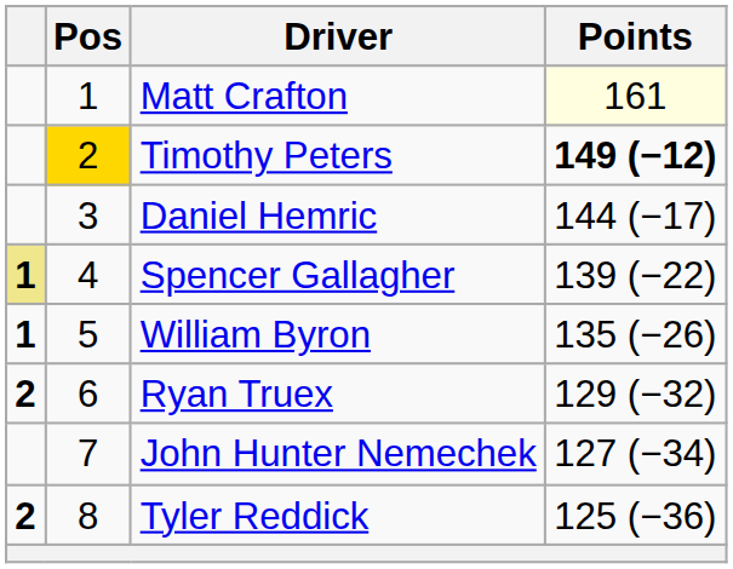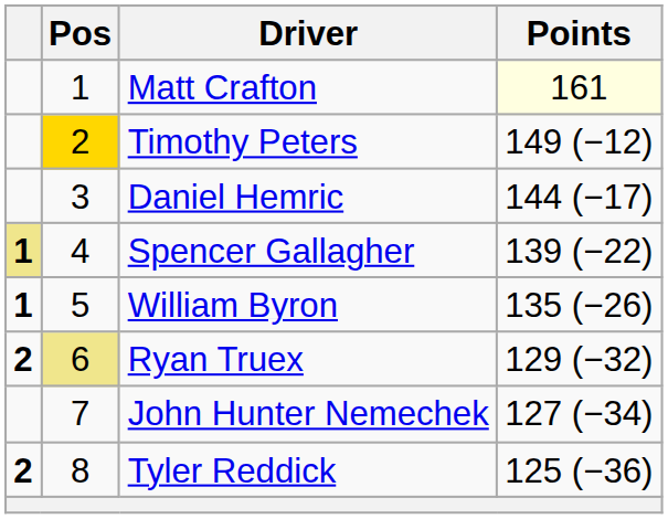 <table class="wikitable" style="font-size: 95%;">
 <tr>
 <th></th>
 <th>Pos</th>
 <th>Driver</th>
 <th>Points</th>
 </tr>
 <tr>
 <td align="left"></td>
 <td style="text-align:center;">1</td>
 <td><a href='#'>Matt Crafton</a></td>
 <td style="background: lightyellow; text-align:center;">161</td>
 </tr>
 <tr>
 <td align="left"></td>
 <td style="background: gold; text-align:center;">2</td>
 <td><a href='#'>Timothy Peters</a></td>
-<td style="text-align:center;"><strong>149 (−12)</strong></td>
+<td style="text-align:center;">149 (−12)</td>
 </tr>
 <tr>
 <td align="left"></td>
 <td style="text-align:center;">3</td>
 <td><a href='#'>Daniel Hemric</a></td>
 <td style="text-align:center;">144 (−17)</td>
 </tr>
 <tr>
 <td align="left" style="background: khaki;"> <strong>1</strong></td>
 <td style="text-align:center;">4</td>
 <td><a href='#'>Spencer Gallagher</a></td>
 <td style="text-align:center;">139 (−22)</td>
 </tr>
 <tr>
 <td align="left"> <strong>1</strong></td>
 <td style="text-align:center;">5</td>
 <td><a href='#'>William Byron</a></td>
 <td style="text-align:center;">135 (−26)</td>
 </tr>
 <tr>
 <td align="left"> <strong>2</strong></td>
-<td style="text-align:center;">6</td>
+<td style="background: khaki; text-align:center;">6</td>
 <td><a href='#'>Ryan Truex</a></td>
 <td style="text-align:center;">129 (−32)</td>
 </tr>
 <tr>
 <td align="left"></td>
 <td style="text-align:center;">7</td>
 <td><a href='#'>John Hunter Nemechek</a></td>
 <td style="text-align:center;">127 (−34)</td>
 </tr>
 <tr>
 <td align="left"> <strong>2</strong></td>
 <td style="text-align:center;">8</td>
 <td><a href='#'>Tyler Reddick</a></td>
 <td style="text-align:center;">125 (−36)</td>
 </tr>
 <tr class="sortbottom">
 <th colspan="9"></th>
 </tr>
 </table>
